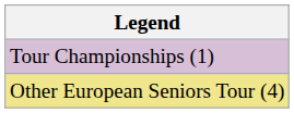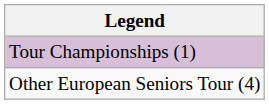 <table class="wikitable" style="font-size:95%;">
 <tr>
 <th>Legend</th>
 </tr>
 <tr style="background:thistle;">
 <td>Tour Championships (1)</td>
 </tr>
 <tr>
-<td style="background: khaki;">Other European Seniors Tour (4)</td>
+<td>Other European Seniors Tour (4)</td>
 </tr>
 </table>
